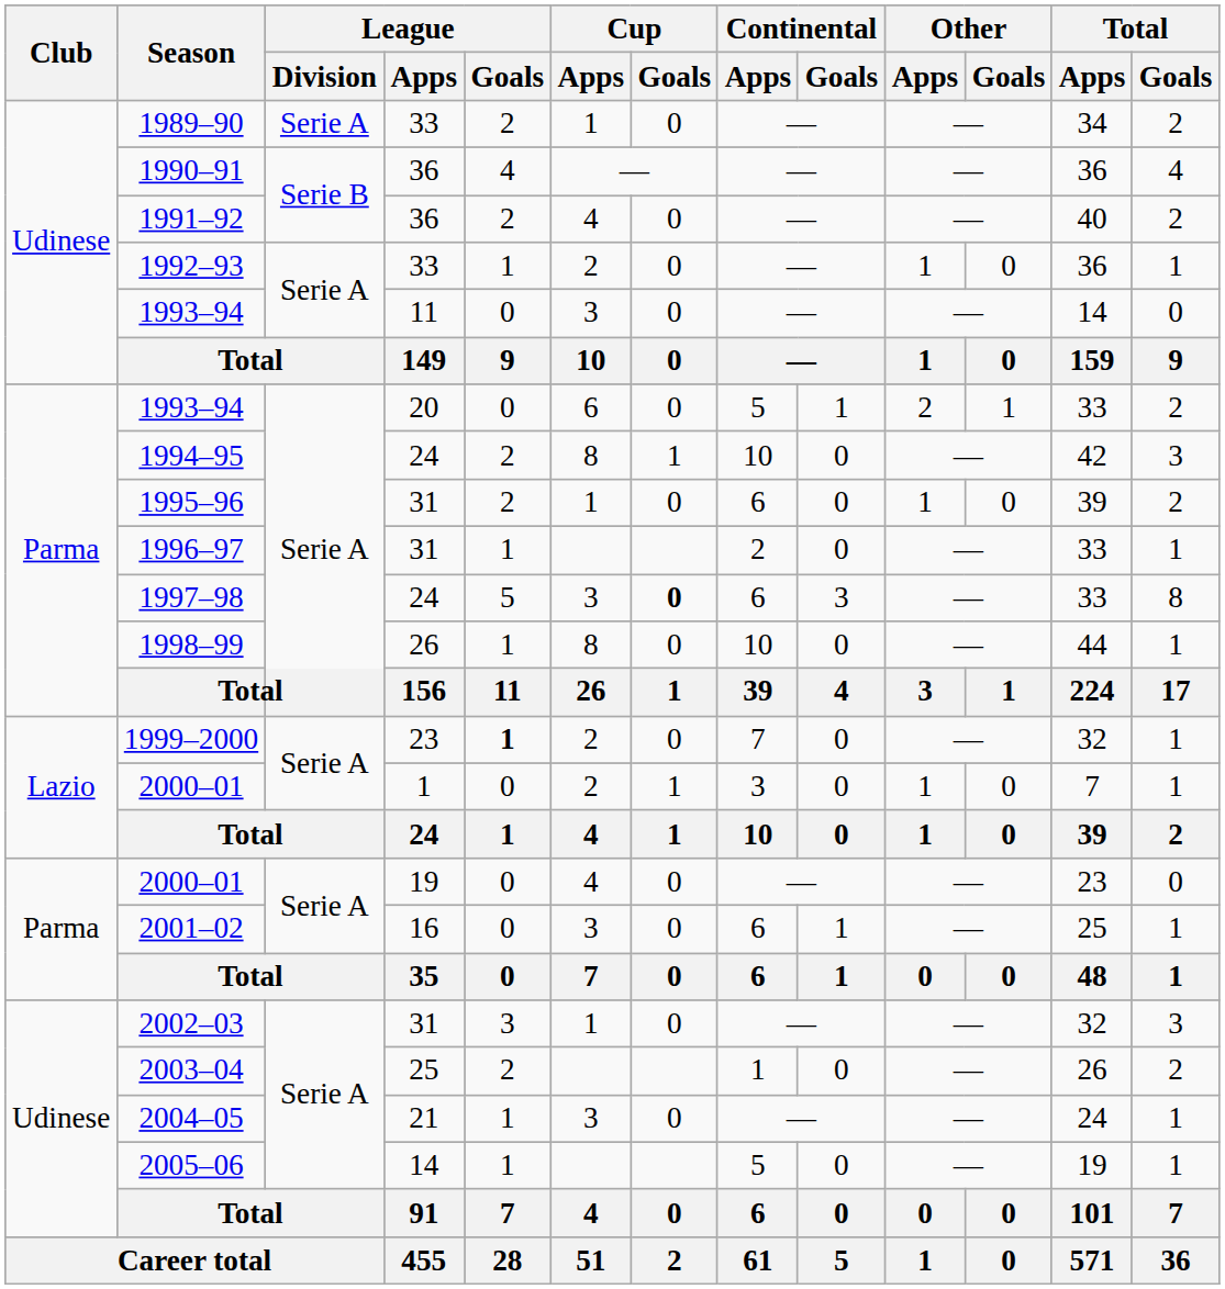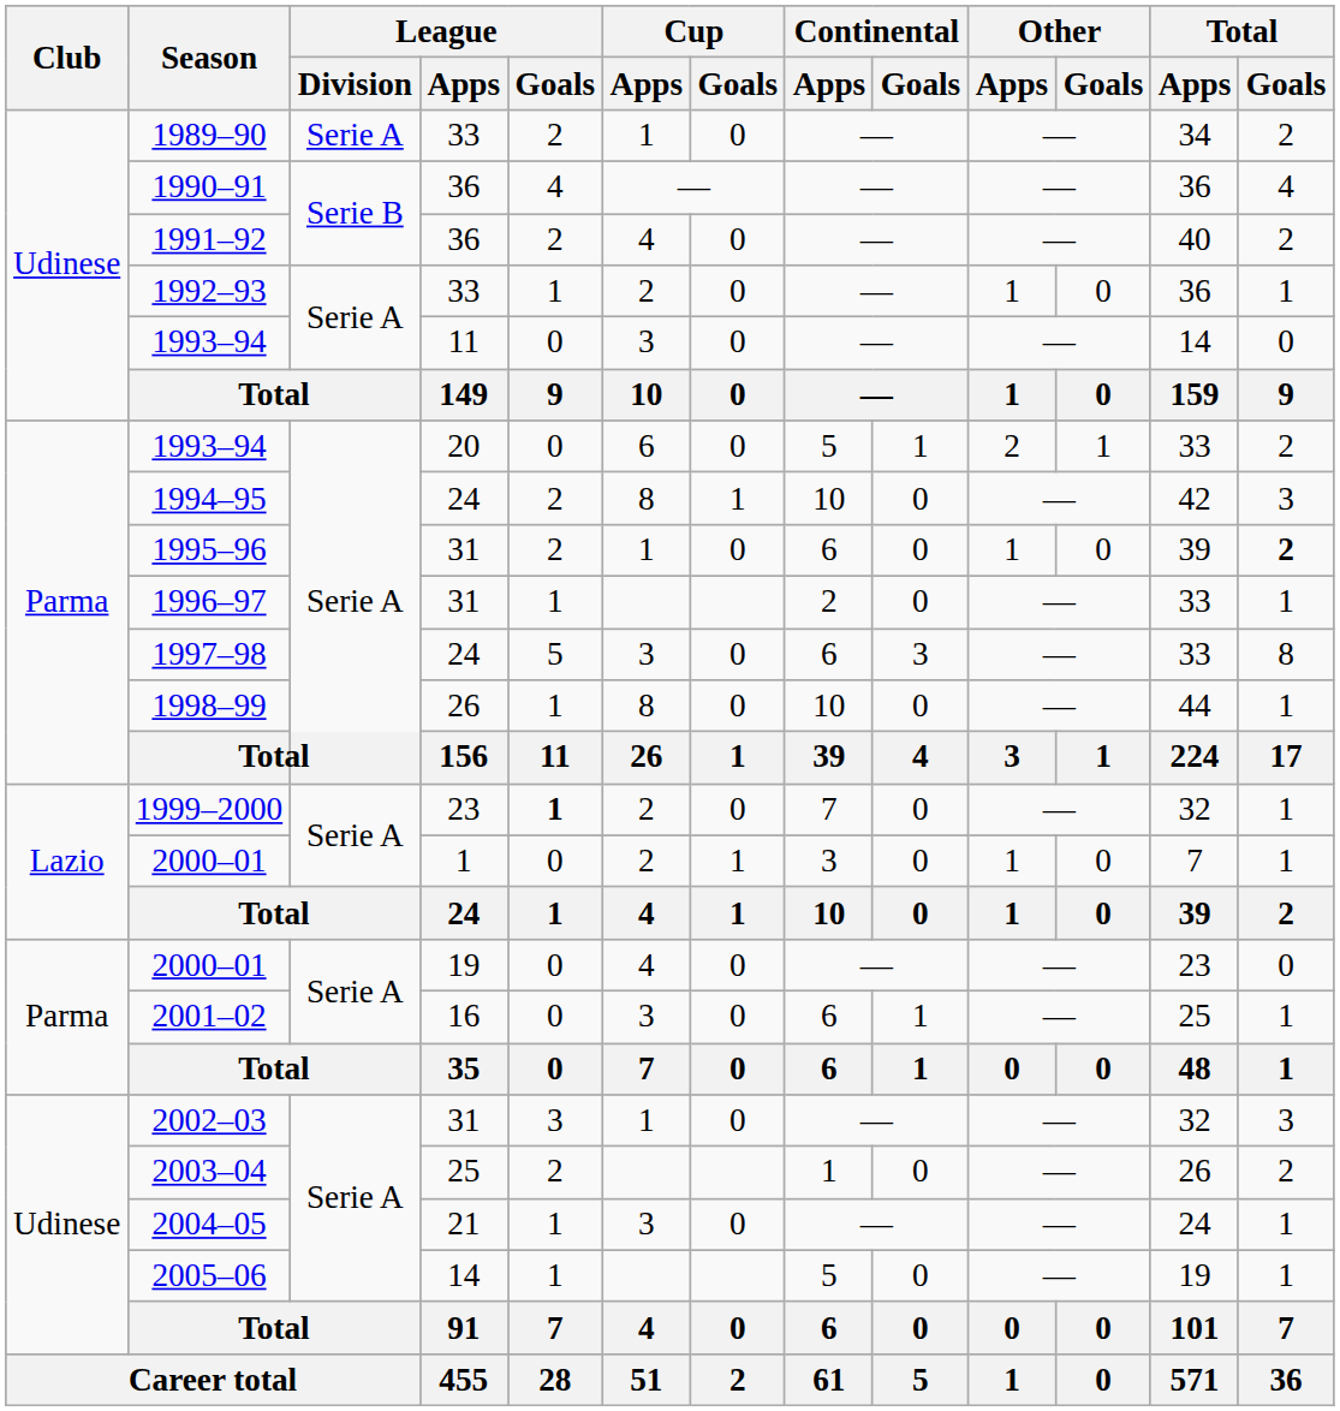 <table class="wikitable" style="text-align:center">
 <tr>
 <th rowspan="2">Club</th>
 <th rowspan="2">Season</th>
 <th colspan="3">League</th>
 <th colspan="2">Cup</th>
 <th colspan="2">Continental</th>
 <th colspan="2">Other</th>
 <th colspan="2">Total</th>
 </tr>
 <tr>
 <th>Division</th>
 <th>Apps</th>
 <th>Goals</th>
 <th>Apps</th>
 <th>Goals</th>
 <th>Apps</th>
 <th>Goals</th>
 <th>Apps</th>
 <th>Goals</th>
 <th>Apps</th>
 <th>Goals</th>
 </tr>
 <tr>
 <td rowspan="6"><a href='#'>Udinese</a></td>
 <td><a href='#'>1989–90</a></td>
 <td><a href='#'>Serie A</a></td>
 <td>33</td>
 <td>2</td>
 <td>1</td>
 <td>0</td>
 <td colspan="2">—</td>
 <td colspan="2">—</td>
 <td>34</td>
 <td>2</td>
 </tr>
 <tr>
 <td><a href='#'>1990–91</a></td>
 <td rowspan="2"><a href='#'>Serie B</a></td>
 <td>36</td>
 <td>4</td>
 <td colspan="2">—</td>
 <td colspan="2">—</td>
 <td colspan="2">—</td>
 <td>36</td>
 <td>4</td>
 </tr>
 <tr>
 <td><a href='#'>1991–92</a></td>
 <td>36</td>
 <td>2</td>
 <td>4</td>
 <td>0</td>
 <td colspan="2">—</td>
 <td colspan="2">—</td>
 <td>40</td>
 <td>2</td>
 </tr>
 <tr>
 <td><a href='#'>1992–93</a></td>
 <td rowspan="2">Serie A</td>
 <td>33</td>
 <td>1</td>
 <td>2</td>
 <td>0</td>
 <td colspan="2">—</td>
 <td>1</td>
 <td>0</td>
 <td>36</td>
 <td>1</td>
 </tr>
 <tr>
 <td><a href='#'>1993–94</a></td>
 <td>11</td>
 <td>0</td>
 <td>3</td>
 <td>0</td>
 <td colspan="2">—</td>
 <td colspan="2">—</td>
 <td>14</td>
 <td>0</td>
 </tr>
 <tr>
 <th colspan="2">Total</th>
 <th>149</th>
 <th>9</th>
 <th>10</th>
 <th>0</th>
 <th colspan="2">—</th>
 <th>1</th>
 <th>0</th>
 <th>159</th>
 <th>9</th>
 </tr>
 <tr>
 <td rowspan="7"><a href='#'>Parma</a></td>
 <td><a href='#'>1993–94</a></td>
 <td rowspan="7">Serie A</td>
 <td>20</td>
 <td>0</td>
 <td>6</td>
 <td>0</td>
 <td>5</td>
 <td>1</td>
 <td>2</td>
 <td>1</td>
 <td>33</td>
 <td>2</td>
 </tr>
 <tr>
 <td><a href='#'>1994–95</a></td>
 <td>24</td>
 <td>2</td>
 <td>8</td>
 <td>1</td>
 <td>10</td>
 <td>0</td>
 <td colspan="2">—</td>
 <td>42</td>
 <td>3</td>
 </tr>
 <tr>
 <td><a href='#'>1995–96</a></td>
 <td>31</td>
 <td>2</td>
 <td>1</td>
 <td>0</td>
 <td>6</td>
 <td>0</td>
 <td>1</td>
 <td>0</td>
 <td>39</td>
-<td>2</td>
+<td><strong>2</strong></td>
 </tr>
 <tr>
 <td><a href='#'>1996–97</a></td>
 <td>31</td>
 <td>1</td>
 <td></td>
 <td></td>
 <td>2</td>
 <td>0</td>
 <td colspan="2">—</td>
 <td>33</td>
 <td>1</td>
 </tr>
 <tr>
 <td><a href='#'>1997–98</a></td>
 <td>24</td>
 <td>5</td>
 <td>3</td>
-<td><strong>0</strong></td>
+<td>0</td>
 <td>6</td>
 <td>3</td>
 <td colspan="2">—</td>
 <td>33</td>
 <td>8</td>
 </tr>
 <tr>
 <td><a href='#'>1998–99</a></td>
 <td>26</td>
 <td>1</td>
 <td>8</td>
 <td>0</td>
 <td>10</td>
 <td>0</td>
 <td colspan="2">—</td>
 <td>44</td>
 <td>1</td>
 </tr>
 <tr>
 <th colspan="2">Total</th>
 <th>156</th>
 <th>11</th>
 <th>26</th>
 <th>1</th>
 <th>39</th>
 <th>4</th>
 <th>3</th>
 <th>1</th>
 <th>224</th>
 <th>17</th>
 </tr>
 <tr>
 <td rowspan="3"><a href='#'>Lazio</a></td>
 <td><a href='#'>1999–2000</a></td>
 <td rowspan="2">Serie A</td>
 <td>23</td>
 <td><strong>1</strong></td>
 <td>2</td>
 <td>0</td>
 <td>7</td>
 <td>0</td>
 <td colspan="2">—</td>
 <td>32</td>
 <td>1</td>
 </tr>
 <tr>
 <td><a href='#'>2000–01</a></td>
 <td>1</td>
 <td>0</td>
 <td>2</td>
 <td>1</td>
 <td>3</td>
 <td>0</td>
 <td>1</td>
 <td>0</td>
 <td>7</td>
 <td>1</td>
 </tr>
 <tr>
 <th colspan="2">Total</th>
 <th>24</th>
 <th>1</th>
 <th>4</th>
 <th>1</th>
 <th>10</th>
 <th>0</th>
 <th>1</th>
 <th>0</th>
 <th>39</th>
 <th>2</th>
 </tr>
 <tr>
 <td rowspan="3">Parma</td>
 <td><a href='#'>2000–01</a></td>
 <td rowspan="2">Serie A</td>
 <td>19</td>
 <td>0</td>
 <td>4</td>
 <td>0</td>
 <td colspan="2">—</td>
 <td colspan="2">—</td>
 <td>23</td>
 <td>0</td>
 </tr>
 <tr>
 <td><a href='#'>2001–02</a></td>
 <td>16</td>
 <td>0</td>
 <td>3</td>
 <td>0</td>
 <td>6</td>
 <td>1</td>
 <td colspan="2">—</td>
 <td>25</td>
 <td>1</td>
 </tr>
 <tr>
 <th colspan="2">Total</th>
 <th>35</th>
 <th>0</th>
 <th>7</th>
 <th>0</th>
 <th>6</th>
 <th>1</th>
 <th>0</th>
 <th>0</th>
 <th>48</th>
 <th>1</th>
 </tr>
 <tr>
 <td rowspan="5">Udinese</td>
 <td><a href='#'>2002–03</a></td>
 <td rowspan="4">Serie A</td>
 <td>31</td>
 <td>3</td>
 <td>1</td>
 <td>0</td>
 <td colspan="2">—</td>
 <td colspan="2">—</td>
 <td>32</td>
 <td>3</td>
 </tr>
 <tr>
 <td><a href='#'>2003–04</a></td>
 <td>25</td>
 <td>2</td>
 <td></td>
 <td></td>
 <td>1</td>
 <td>0</td>
 <td colspan="2">—</td>
 <td>26</td>
 <td>2</td>
 </tr>
 <tr>
 <td><a href='#'>2004–05</a></td>
 <td>21</td>
 <td>1</td>
 <td>3</td>
 <td>0</td>
 <td colspan="2">—</td>
 <td colspan="2">—</td>
 <td>24</td>
 <td>1</td>
 </tr>
 <tr>
 <td><a href='#'>2005–06</a></td>
 <td>14</td>
 <td>1</td>
 <td></td>
 <td></td>
 <td>5</td>
 <td>0</td>
 <td colspan="2">—</td>
 <td>19</td>
 <td>1</td>
 </tr>
 <tr>
 <th colspan="2">Total</th>
 <th>91</th>
 <th>7</th>
 <th>4</th>
 <th>0</th>
 <th>6</th>
 <th>0</th>
 <th>0</th>
 <th>0</th>
 <th>101</th>
 <th>7</th>
 </tr>
 <tr>
 <th colspan="3">Career total</th>
 <th>455</th>
 <th>28</th>
 <th>51</th>
 <th>2</th>
 <th>61</th>
 <th>5</th>
 <th>1</th>
 <th>0</th>
 <th>571</th>
 <th>36</th>
 </tr>
 </table>
